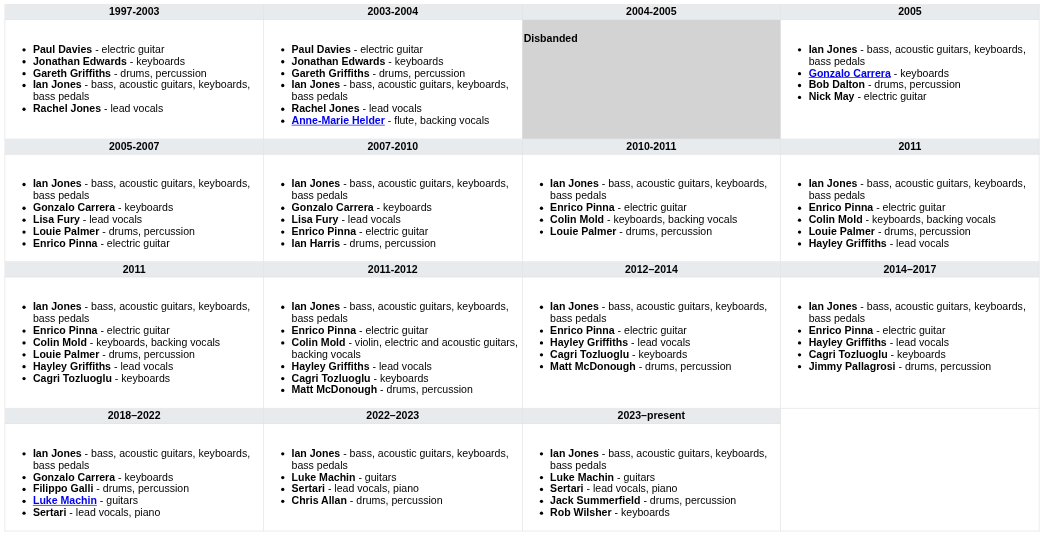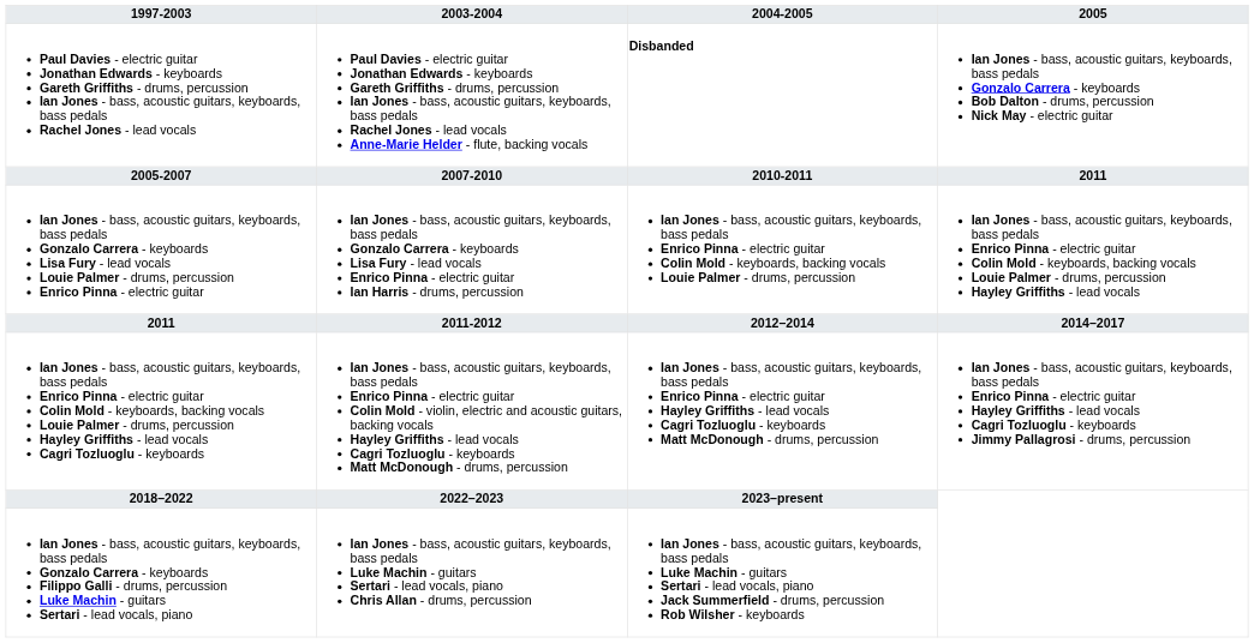 <table class="toccolours" border="1" cellpadding="2" cellspacing="0"  style="float:width:375px; margin:0 0 1em 1em; border-collapse:collapse; border:1px solid #e2e2e2; width:99%;">
 <tr>
 <th style="vertical-align:top; background:#e7ebee; width:25%;">1997-2003</th>
 <th style="vertical-align:top; background:#e7ebee; width:25%;">2003-2004</th>
 <th style="vertical-align:top; background:#e7ebee; width:25%;">2004-2005</th>
 <th style="vertical-align:top; background:#e7ebee; width:25%;">2005</th>
 </tr>
 <tr>
 <td valign=top><br><ul><li><strong>Paul Davies</strong> - electric guitar</li><li><strong>Jonathan Edwards</strong> - keyboards</li><li><strong>Gareth Griffiths</strong> - drums, percussion</li><li><strong>Ian Jones</strong> - bass, acoustic guitars, keyboards, bass pedals</li><li><strong>Rachel Jones</strong> - lead vocals</li></ul></td>
 <td valign=top><br><ul><li><strong>Paul Davies</strong> - electric guitar</li><li><strong>Jonathan Edwards</strong> - keyboards</li><li><strong>Gareth Griffiths</strong> - drums, percussion</li><li><strong>Ian Jones</strong> - bass, acoustic guitars, keyboards, bass pedals</li><li><strong>Rachel Jones</strong> - lead vocals</li><li><strong><a href='#'>Anne-Marie Helder</a></strong> - flute, backing vocals</li></ul></td>
-<td valign=top style="background: lightgrey;"><br><strong>Disbanded</strong></td>
+<td valign=top><br><strong>Disbanded</strong></td>
 <td valign=top><br><ul><li><strong>Ian Jones</strong> - bass, acoustic guitars, keyboards, bass pedals</li><li><strong><a href='#'>Gonzalo Carrera</a></strong> - keyboards</li><li><strong>Bob Dalton</strong> - drums, percussion</li><li><strong>Nick May</strong> - electric guitar</li></ul></td>
 </tr>
 <tr>
 <th style="vertical-align:top; background:#e7ebee; width:25%;">2005-2007</th>
 <th style="vertical-align:top; background:#e7ebee; width:25%;">2007-2010</th>
 <th style="vertical-align:top; background:#e7ebee; width:25%;">2010-2011</th>
 <th style="vertical-align:top; background:#e7ebee; width:25%;">2011</th>
 </tr>
 <tr>
 <td valign=top><br><ul><li><strong>Ian Jones</strong> - bass, acoustic guitars, keyboards, bass pedals</li><li><strong>Gonzalo Carrera</strong> - keyboards</li><li><strong>Lisa Fury</strong> - lead vocals</li><li><strong>Louie Palmer</strong> - drums, percussion</li><li><strong>Enrico Pinna</strong> - electric guitar</li></ul></td>
 <td valign=top><br><ul><li><strong>Ian Jones</strong> - bass, acoustic guitars, keyboards, bass pedals</li><li><strong>Gonzalo Carrera</strong> - keyboards</li><li><strong>Lisa Fury</strong> - lead vocals</li><li><strong>Enrico Pinna</strong> - electric guitar</li><li><strong>Ian Harris</strong> - drums, percussion</li></ul></td>
 <td valign=top><br><ul><li><strong>Ian Jones</strong> - bass, acoustic guitars, keyboards, bass pedals</li><li><strong>Enrico Pinna</strong> - electric guitar</li><li><strong>Colin Mold</strong> - keyboards, backing vocals</li><li><strong>Louie Palmer</strong> - drums, percussion</li></ul></td>
 <td valign=top><br><ul><li><strong>Ian Jones</strong> - bass, acoustic guitars, keyboards, bass pedals</li><li><strong>Enrico Pinna</strong> - electric guitar</li><li><strong>Colin Mold</strong> - keyboards, backing vocals</li><li><strong>Louie Palmer</strong> - drums, percussion</li><li><strong>Hayley Griffiths</strong> - lead vocals</li></ul></td>
 </tr>
 <tr>
 <th style="vertical-align:top; background:#e7ebee; width:25%;">2011</th>
 <th style="vertical-align:top; background:#e7ebee; width:25%;">2011-2012</th>
 <th style="vertical-align:top; background:#e7ebee; width:25%;">2012–2014</th>
 <th style="vertical-align:top; background:#e7ebee; width:25%;">2014–2017</th>
 </tr>
 <tr>
 <td valign=top><br><ul><li><strong>Ian Jones</strong> - bass, acoustic guitars, keyboards, bass pedals</li><li><strong>Enrico Pinna</strong> - electric guitar</li><li><strong>Colin Mold</strong> - keyboards, backing vocals</li><li><strong>Louie Palmer</strong> - drums, percussion</li><li><strong>Hayley Griffiths</strong> - lead vocals</li><li><strong>Cagri Tozluoglu</strong> - keyboards</li></ul></td>
 <td valign=top><br><ul><li><strong>Ian Jones</strong> - bass, acoustic guitars, keyboards, bass pedals</li><li><strong>Enrico Pinna</strong> - electric guitar</li><li><strong>Colin Mold</strong> - violin, electric and acoustic guitars, backing vocals</li><li><strong>Hayley Griffiths</strong> - lead vocals</li><li><strong>Cagri Tozluoglu</strong> - keyboards</li><li><strong>Matt McDonough</strong> - drums, percussion</li></ul></td>
 <td valign=top><br><ul><li><strong>Ian Jones</strong> - bass, acoustic guitars, keyboards, bass pedals</li><li><strong>Enrico Pinna</strong> - electric guitar</li><li><strong>Hayley Griffiths</strong> - lead vocals</li><li><strong>Cagri Tozluoglu</strong> - keyboards</li><li><strong>Matt McDonough</strong> - drums, percussion</li></ul></td>
 <td valign=top><br><ul><li><strong>Ian Jones</strong> - bass, acoustic guitars, keyboards, bass pedals</li><li><strong>Enrico Pinna</strong> - electric guitar</li><li><strong>Hayley Griffiths</strong> - lead vocals</li><li><strong>Cagri Tozluoglu</strong> - keyboards</li><li><strong>Jimmy Pallagrosi</strong> - drums, percussion</li></ul></td>
 </tr>
 <tr>
 <th style="vertical-align:top; background:#e7ebee; width:25%;">2018–2022</th>
 <th style="vertical-align:top; background:#e7ebee; width:25%;">2022–2023</th>
 <th style="vertical-align:top; background:#e7ebee; width:25%;">2023–present</th>
 </tr>
 <tr>
 <td valign=top><br><ul><li><strong>Ian Jones</strong> - bass, acoustic guitars, keyboards, bass pedals</li><li><strong>Gonzalo Carrera</strong> - keyboards</li><li><strong>Filippo Galli</strong> - drums, percussion</li><li><strong><a href='#'>Luke Machin</a></strong> - guitars</li><li><strong>Sertari</strong> - lead vocals, piano</li></ul></td>
 <td valign=top><br><ul><li><strong>Ian Jones</strong> - bass, acoustic guitars, keyboards, bass pedals</li><li><strong>Luke Machin</strong> - guitars</li><li><strong>Sertari</strong> - lead vocals, piano</li><li><strong>Chris Allan</strong> - drums, percussion</li></ul></td>
 <td valign=top><br><ul><li><strong>Ian Jones</strong> - bass, acoustic guitars, keyboards, bass pedals</li><li><strong>Luke Machin</strong> - guitars</li><li><strong>Sertari</strong> - lead vocals, piano</li><li><strong>Jack Summerfield</strong> - drums, percussion</li><li><strong>Rob Wilsher</strong> - keyboards</li></ul></td>
 </tr>
 </table>
